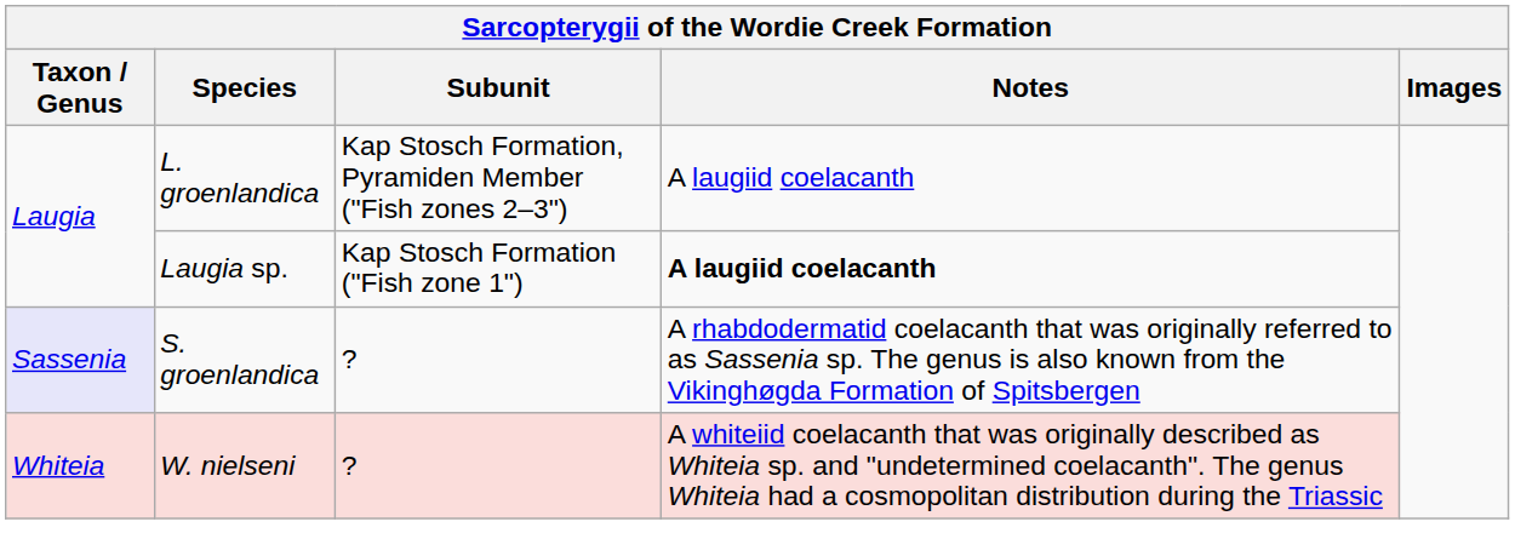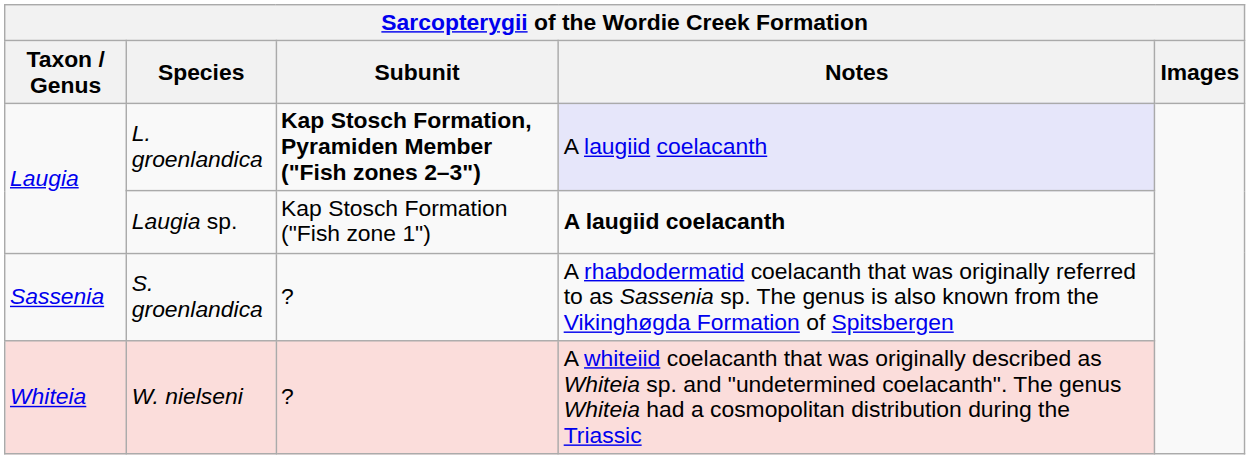 <table class="wikitable" align="center">
 <tr>
 <th colspan="5" align="center"><strong><a href='#'>Sarcopterygii</a> of the Wordie Creek Formation</strong></th>
 </tr>
 <tr>
 <th>Taxon / Genus</th>
 <th>Species</th>
 <th>Subunit</th>
 <th>Notes</th>
 <th>Images</th>
 </tr>
 <tr>
 <td rowspan="2"><em><a href='#'>Laugia</a></em></td>
 <td><em>L. groenlandica</em></td>
-<td>Kap Stosch Formation, Pyramiden Member ("Fish zones 2–3")</td>
-<td>A <a href='#'>laugiid</a> <a href='#'>coelacanth</a></td>
+<td><strong>Kap Stosch Formation, Pyramiden Member ("Fish zones 2–3")</strong></td>
+<td style="background: lavender;">A <a href='#'>laugiid</a> <a href='#'>coelacanth</a></td>
 <td rowspan="5"></td>
 </tr>
 <tr>
 <td><em>Laugia</em> sp.</td>
 <td>Kap Stosch Formation ("Fish zone 1")</td>
 <td><strong>A laugiid coelacanth</strong></td>
 </tr>
 <tr>
-<td style="background: lavender;"><em><a href='#'>Sassenia</a></em></td>
+<td><em><a href='#'>Sassenia</a></em></td>
 <td><em>S. groenlandica</em></td>
 <td>?</td>
 <td>A <a href='#'>rhabdodermatid</a> coelacanth that was originally referred to as <em>Sassenia</em> sp. The genus is also known from the <a href='#'>Vikinghøgda Formation</a> of <a href='#'>Spitsbergen</a></td>
 </tr>
 <tr>
 <td style="background:#fbdddb;"><em><a href='#'>Whiteia</a></em></td>
 <td style="background:#fbdddb;"><em>W. nielseni</em></td>
 <td style="background:#fbdddb;">?</td>
 <td style="background:#fbdddb;">A <a href='#'>whiteiid</a> coelacanth that was originally described as <em>Whiteia</em> sp. and "undetermined coelacanth". The genus <em>Whiteia</em> had a cosmopolitan distribution during the <a href='#'>Triassic</a></td>
 </tr>
 </table>
